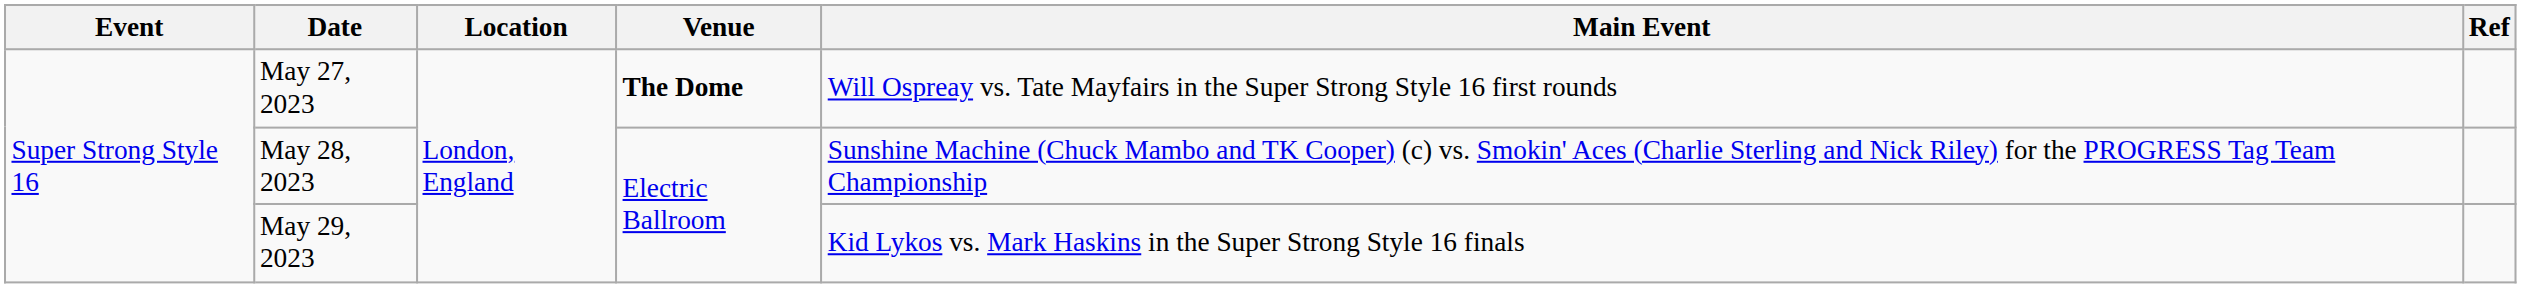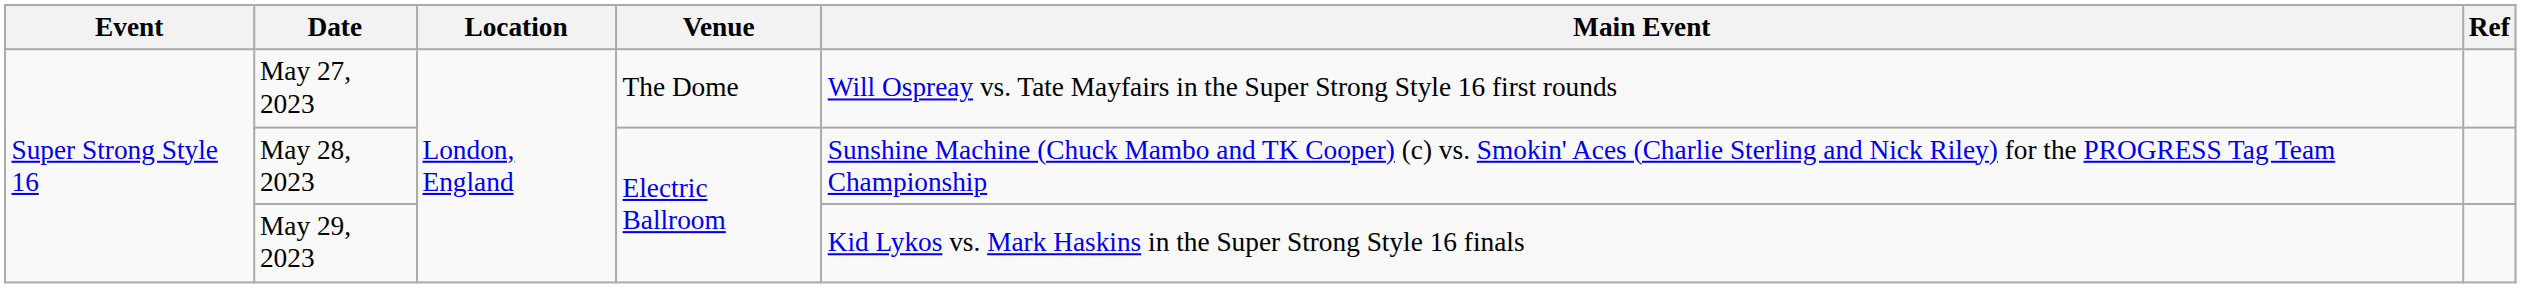 <table class="wikitable" style="font-size:85%;">
 <tr>
 <th>Event</th>
 <th>Date</th>
 <th>Location</th>
 <th>Venue</th>
 <th>Main Event</th>
 <th>Ref</th>
 </tr>
 <tr>
 <td rowspan="3"><a href='#'>Super Strong Style 16</a></td>
 <td>May 27, 2023</td>
 <td rowspan="3"><a href='#'>London, England</a></td>
-<td><strong>The Dome</strong></td>
+<td>The Dome</td>
 <td><a href='#'>Will Ospreay</a> vs. Tate Mayfairs in the Super Strong Style 16 first rounds</td>
 <td></td>
 </tr>
 <tr>
 <td>May 28, 2023</td>
 <td rowspan="2"><a href='#'>Electric Ballroom</a></td>
 <td><a href='#'>Sunshine Machine (Chuck Mambo and TK Cooper)</a> (c) vs. <a href='#'>Smokin' Aces (Charlie Sterling and Nick Riley)</a> for the <a href='#'>PROGRESS Tag Team Championship</a></td>
 <td></td>
 </tr>
 <tr>
 <td>May 29, 2023</td>
 <td><a href='#'>Kid Lykos</a> vs. <a href='#'>Mark Haskins</a> in the Super Strong Style 16 finals</td>
 <td></td>
 </tr>
 </table>
